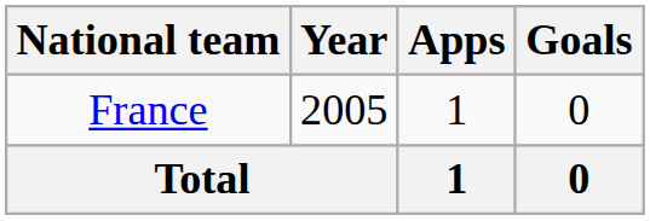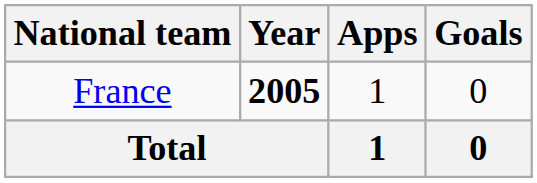 <table class="wikitable" style="text-align: center;">
 <tr>
 <th>National team</th>
 <th>Year</th>
 <th>Apps</th>
 <th>Goals</th>
 </tr>
 <tr>
 <td><a href='#'>France</a></td>
-<td>2005</td>
+<td><strong>2005</strong></td>
 <td>1</td>
 <td>0</td>
 </tr>
 <tr>
 <th colspan="2">Total</th>
 <th>1</th>
 <th>0</th>
 </tr>
 </table>
